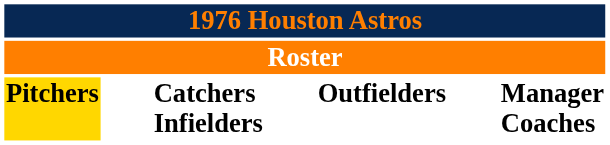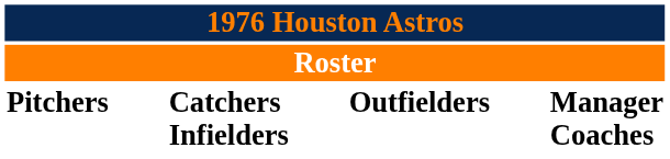 <table class="toccolours" style="text-align: left;">
 <tr>
 <th colspan="10" style="background-color: #072854; color: #FF7F00; text-align: center;">1976 Houston Astros</th>
 </tr>
 <tr>
 <td colspan="10" style="background-color: #FF7F00; color: white; text-align: center;"><strong>Roster</strong></td>
 </tr>
 <tr>
-<td valign="top" style="background: gold;"><strong>Pitchers</strong><br>                </td>
+<td valign="top"><strong>Pitchers</strong><br>                </td>
 <td width="25px"></td>
 <td valign="top"><strong>Catchers</strong><br>   <strong>Infielders</strong>         </td>
 <td width="25px"></td>
 <td valign="top"><strong>Outfielders</strong><br>      </td>
 <td width="25px"></td>
 <td valign="top"><strong>Manager</strong><br> <strong>Coaches</strong>    </td>
 </tr>
 </table>
